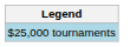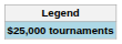 <table class="wikitable" style="font-size:90%;">
 <tr>
 <th>Legend</th>
 </tr>
 <tr style="background:lightblue;">
-<td>$25,000 tournaments</td>
+<td><strong>$25,000 tournaments</strong></td>
 </tr>
 </table>
